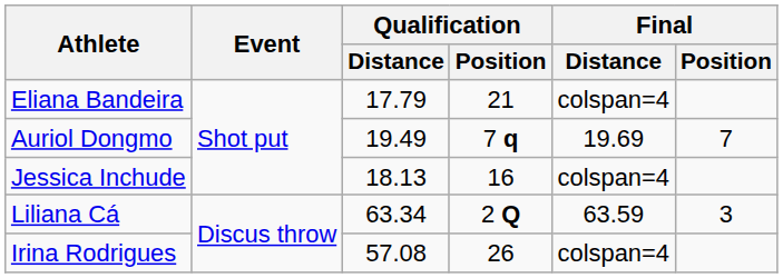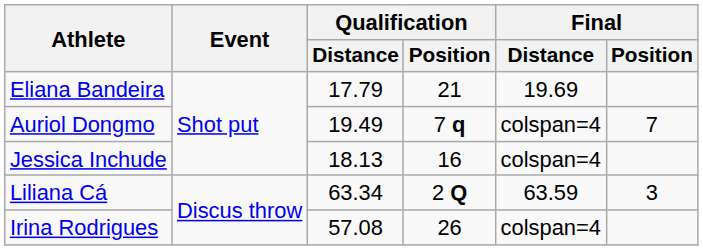 <table class=wikitable style=font-size:90%>
 <tr>
 <th rowspan=2>Athlete</th>
 <th rowspan=2>Event</th>
 <th colspan=2>Qualification</th>
 <th colspan=2>Final</th>
 </tr>
 <tr style=font-size:95%>
 <th>Distance</th>
 <th>Position</th>
 <th>Distance</th>
 <th>Position</th>
 </tr>
 <tr align=center>
 <td align=left><a href='#'>Eliana Bandeira</a></td>
 <td align=left rowspan=3><a href='#'>Shot put</a></td>
 <td>17.79</td>
 <td>21</td>
-<td>colspan=4 </td>
+<td>19.69</td>
 </tr>
 <tr align=center>
 <td align=left><a href='#'>Auriol Dongmo</a></td>
 <td>19.49</td>
 <td>7 <strong>q</strong></td>
-<td>19.69</td>
+<td>colspan=4 </td>
 <td>7</td>
 </tr>
 <tr align=center>
 <td align=left><a href='#'>Jessica Inchude</a></td>
 <td>18.13</td>
 <td>16</td>
 <td>colspan=4 </td>
 </tr>
 <tr align=center>
 <td align=left><a href='#'>Liliana Cá</a></td>
 <td align=left rowspan=2><a href='#'>Discus throw</a></td>
 <td>63.34</td>
 <td>2 <strong>Q</strong></td>
 <td>63.59</td>
 <td>3</td>
 </tr>
 <tr align=center>
 <td align=left><a href='#'>Irina Rodrigues</a></td>
 <td>57.08</td>
 <td>26</td>
 <td>colspan=4 </td>
 </tr>
 </table>
